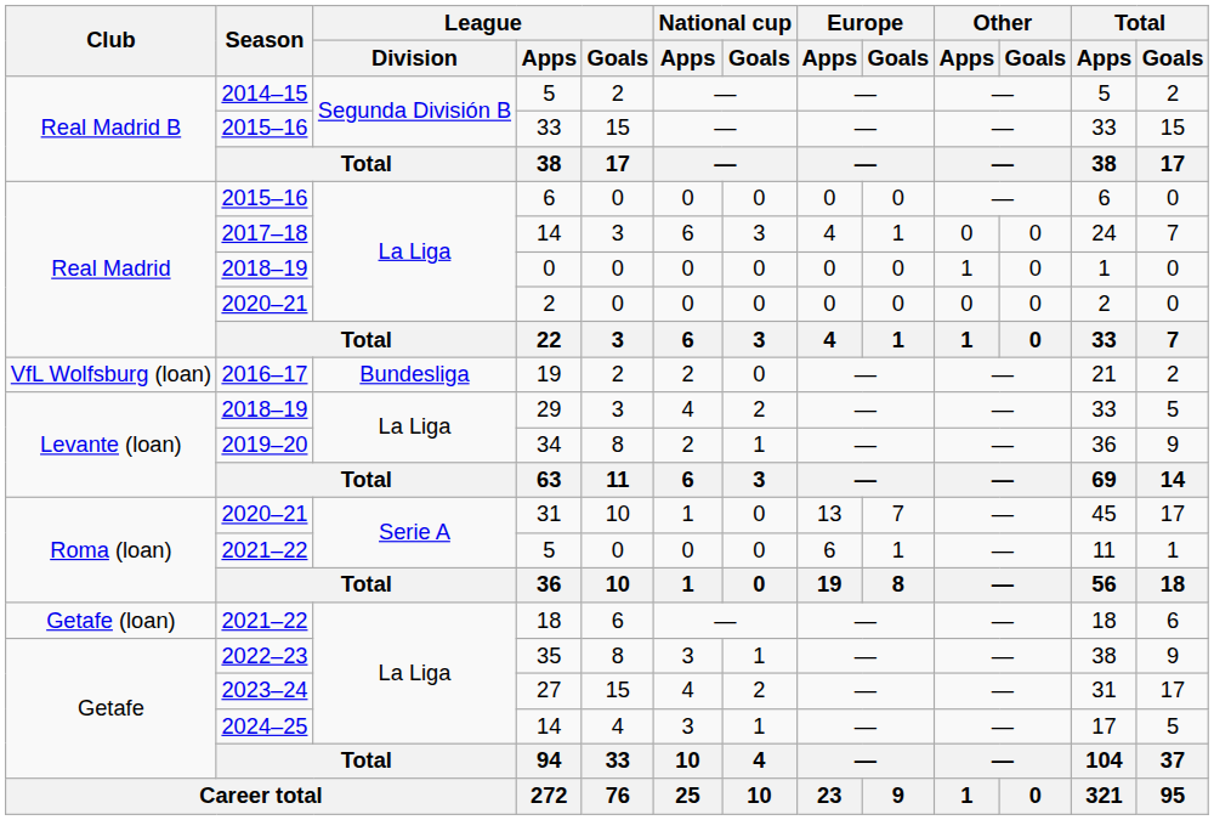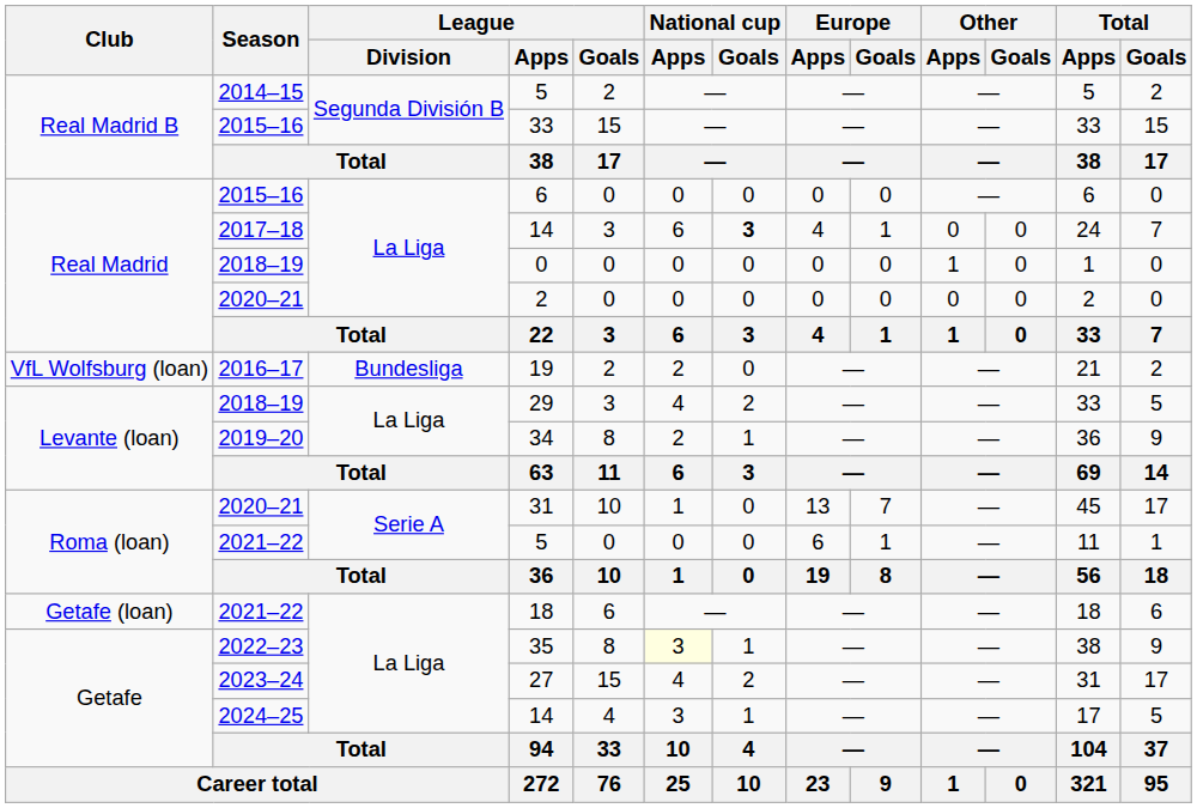 <table class="wikitable" style="text-align:center">
 <tr>
 <th rowspan="2">Club</th>
 <th rowspan="2">Season</th>
 <th colspan="3">League</th>
 <th colspan="2">National cup</th>
 <th colspan="2">Europe</th>
 <th colspan="2">Other</th>
 <th colspan="2">Total</th>
 </tr>
 <tr>
 <th>Division</th>
 <th>Apps</th>
 <th>Goals</th>
 <th>Apps</th>
 <th>Goals</th>
 <th>Apps</th>
 <th>Goals</th>
 <th>Apps</th>
 <th>Goals</th>
 <th>Apps</th>
 <th>Goals</th>
 </tr>
 <tr>
 <td rowspan="3"><a href='#'>Real Madrid B</a></td>
 <td><a href='#'>2014–15</a></td>
 <td rowspan="2"><a href='#'>Segunda División B</a></td>
 <td>5</td>
 <td>2</td>
 <td colspan="2">—</td>
 <td colspan="2">—</td>
 <td colspan="2">—</td>
 <td>5</td>
 <td>2</td>
 </tr>
 <tr>
 <td><a href='#'>2015–16</a></td>
 <td>33</td>
 <td>15</td>
 <td colspan="2">—</td>
 <td colspan="2">—</td>
 <td colspan="2">—</td>
 <td>33</td>
 <td>15</td>
 </tr>
 <tr>
 <th colspan="2">Total</th>
 <th>38</th>
 <th>17</th>
 <th colspan="2">—</th>
 <th colspan="2">—</th>
 <th colspan="2">—</th>
 <th>38</th>
 <th>17</th>
 </tr>
 <tr>
 <td rowspan="5"><a href='#'>Real Madrid</a></td>
 <td><a href='#'>2015–16</a></td>
 <td rowspan="4"><a href='#'>La Liga</a></td>
 <td>6</td>
 <td>0</td>
 <td>0</td>
 <td>0</td>
 <td>0</td>
 <td>0</td>
 <td colspan="2">—</td>
 <td>6</td>
 <td>0</td>
 </tr>
 <tr>
 <td><a href='#'>2017–18</a></td>
 <td>14</td>
 <td>3</td>
 <td>6</td>
-<td>3</td>
+<td><strong>3</strong></td>
 <td>4</td>
 <td>1</td>
 <td>0</td>
 <td>0</td>
 <td>24</td>
 <td>7</td>
 </tr>
 <tr>
 <td><a href='#'>2018–19</a></td>
 <td>0</td>
 <td>0</td>
 <td>0</td>
 <td>0</td>
 <td>0</td>
 <td>0</td>
 <td>1</td>
 <td>0</td>
 <td>1</td>
 <td>0</td>
 </tr>
 <tr>
 <td><a href='#'>2020–21</a></td>
 <td>2</td>
 <td>0</td>
 <td>0</td>
 <td>0</td>
 <td>0</td>
 <td>0</td>
 <td>0</td>
 <td>0</td>
 <td>2</td>
 <td>0</td>
 </tr>
 <tr>
 <th colspan="2">Total</th>
 <th>22</th>
 <th>3</th>
 <th>6</th>
 <th>3</th>
 <th>4</th>
 <th>1</th>
 <th>1</th>
 <th>0</th>
 <th>33</th>
 <th>7</th>
 </tr>
 <tr>
 <td><a href='#'>VfL Wolfsburg</a> (loan)</td>
 <td><a href='#'>2016–17</a></td>
 <td><a href='#'>Bundesliga</a></td>
 <td>19</td>
 <td>2</td>
 <td>2</td>
 <td>0</td>
 <td colspan="2">—</td>
 <td colspan="2">—</td>
 <td>21</td>
 <td>2</td>
 </tr>
 <tr>
 <td rowspan="3"><a href='#'>Levante</a> (loan)</td>
 <td><a href='#'>2018–19</a></td>
 <td rowspan="2">La Liga</td>
 <td>29</td>
 <td>3</td>
 <td>4</td>
 <td>2</td>
 <td colspan="2">—</td>
 <td colspan="2">—</td>
 <td>33</td>
 <td>5</td>
 </tr>
 <tr>
 <td><a href='#'>2019–20</a></td>
 <td>34</td>
 <td>8</td>
 <td>2</td>
 <td>1</td>
 <td colspan="2">—</td>
 <td colspan="2">—</td>
 <td>36</td>
 <td>9</td>
 </tr>
 <tr>
 <th colspan="2">Total</th>
 <th>63</th>
 <th>11</th>
 <th>6</th>
 <th>3</th>
 <th colspan="2">—</th>
 <th colspan="2">—</th>
 <th>69</th>
 <th>14</th>
 </tr>
 <tr>
 <td rowspan="3"><a href='#'>Roma</a> (loan)</td>
 <td><a href='#'>2020–21</a></td>
 <td rowspan="2"><a href='#'>Serie A</a></td>
 <td>31</td>
 <td>10</td>
 <td>1</td>
 <td>0</td>
 <td>13</td>
 <td>7</td>
 <td colspan="2">—</td>
 <td>45</td>
 <td>17</td>
 </tr>
 <tr>
 <td><a href='#'>2021–22</a></td>
 <td>5</td>
 <td>0</td>
 <td>0</td>
 <td>0</td>
 <td>6</td>
 <td>1</td>
 <td colspan="2">—</td>
 <td>11</td>
 <td>1</td>
 </tr>
 <tr>
 <th colspan="2">Total</th>
 <th>36</th>
 <th>10</th>
 <th>1</th>
 <th>0</th>
 <th>19</th>
 <th>8</th>
 <th colspan="2">—</th>
 <th>56</th>
 <th>18</th>
 </tr>
 <tr>
 <td><a href='#'>Getafe</a> (loan)</td>
 <td><a href='#'>2021–22</a></td>
 <td rowspan="4">La Liga</td>
 <td>18</td>
 <td>6</td>
 <td colspan="2">—</td>
 <td colspan="2">—</td>
 <td colspan="2">—</td>
 <td>18</td>
 <td>6</td>
 </tr>
 <tr>
 <td rowspan="4">Getafe</td>
 <td><a href='#'>2022–23</a></td>
 <td>35</td>
 <td>8</td>
-<td>3</td>
+<td style="background: lightyellow;">3</td>
 <td>1</td>
 <td colspan="2">—</td>
 <td colspan="2">—</td>
 <td>38</td>
 <td>9</td>
 </tr>
 <tr>
 <td><a href='#'>2023–24</a></td>
 <td>27</td>
 <td>15</td>
 <td>4</td>
 <td>2</td>
 <td colspan="2">—</td>
 <td colspan="2">—</td>
 <td>31</td>
 <td>17</td>
 </tr>
 <tr>
 <td><a href='#'>2024–25</a></td>
 <td>14</td>
 <td>4</td>
 <td>3</td>
 <td>1</td>
 <td colspan="2">—</td>
 <td colspan="2">—</td>
 <td>17</td>
 <td>5</td>
 </tr>
 <tr>
 <th colspan="2">Total</th>
 <th>94</th>
 <th>33</th>
 <th>10</th>
 <th>4</th>
 <th colspan="2">—</th>
 <th colspan="2">—</th>
 <th>104</th>
 <th>37</th>
 </tr>
 <tr>
 <th colspan="3">Career total</th>
 <th>272</th>
 <th>76</th>
 <th>25</th>
 <th>10</th>
 <th>23</th>
 <th>9</th>
 <th>1</th>
 <th>0</th>
 <th>321</th>
 <th>95</th>
 </tr>
 </table>
